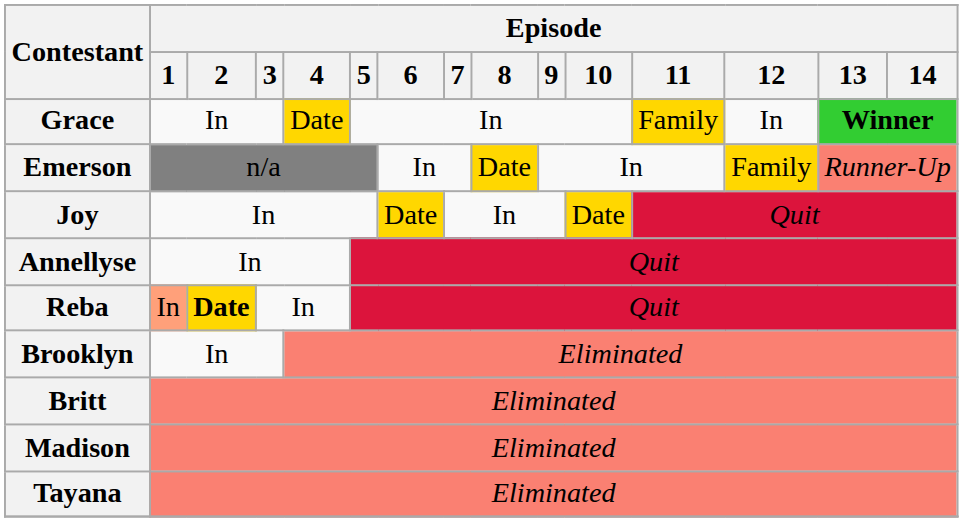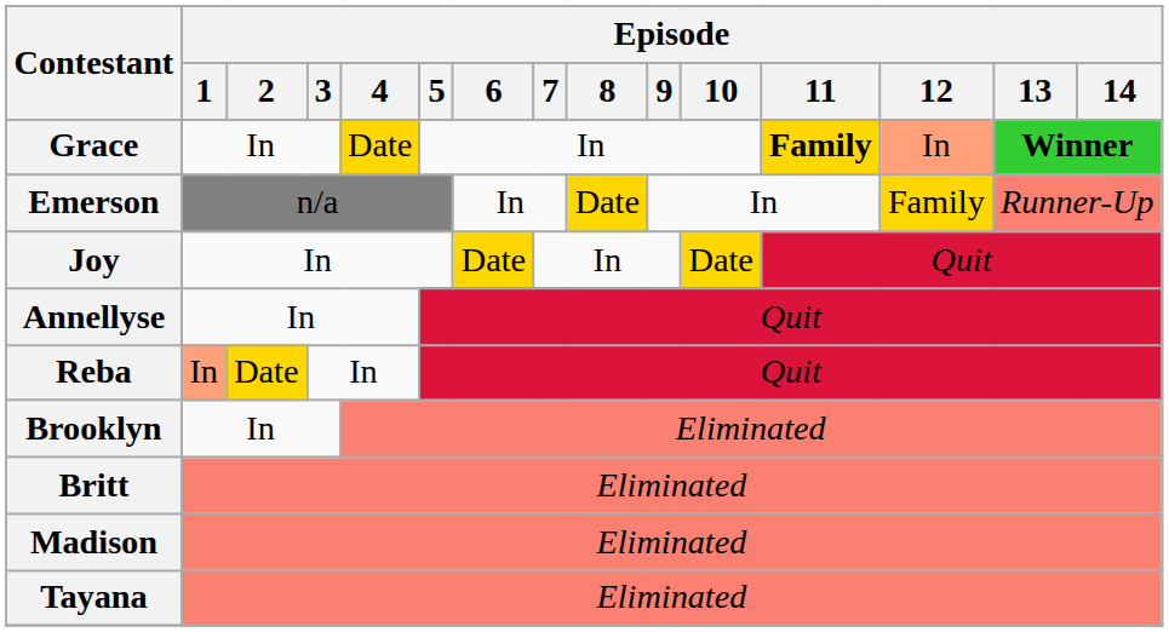 <table class="wikitable" style="text-align:center; font-size:90%;">
 <tr>
 <th rowspan="2">Contestant</th>
 <th colspan="14">Episode</th>
 </tr>
 <tr>
 <th>1</th>
 <th>2</th>
 <th>3</th>
 <th>4</th>
 <th>5</th>
 <th>6</th>
 <th>7</th>
 <th>8</th>
 <th>9</th>
 <th>10</th>
 <th>11</th>
 <th>12</th>
 <th>13</th>
 <th>14</th>
 </tr>
 <tr>
 <th>Grace</th>
 <td colspan="3">In</td>
 <td style="background:gold;">Date</td>
 <td colspan="6">In</td>
-<td style="background:gold;">Family</td>
-<td>In</td>
+<td style="background:gold;"><strong>Family</strong></td>
+<td style="background: lightsalmon;">In</td>
 <td colspan="2" bgcolor="limegreen"><strong>Winner</strong></td>
 </tr>
 <tr>
 <th>Emerson</th>
 <td style="background:gray;" colspan="5">n/a</td>
 <td colspan="2">In</td>
 <td style="background:gold;">Date</td>
 <td colspan="3">In</td>
 <td style="background:gold;">Family</td>
 <td colspan="2" bgcolor="salmon"><em>Runner-Up</em></td>
 </tr>
 <tr>
 <th>Joy</th>
 <td colspan="5">In</td>
 <td style="background:gold;">Date</td>
 <td colspan="3">In</td>
 <td style="background:gold;">Date</td>
 <td style="background:crimson;" colspan="4"><span><em>Quit</em></span></td>
 </tr>
 <tr>
 <th>Annellyse</th>
 <td colspan="4">In</td>
 <td style="background:crimson;" colspan="10"><span><em>Quit</em></span></td>
 </tr>
 <tr>
 <th>Reba</th>
 <td style="background: lightsalmon;">In</td>
-<td style="background:gold;"><strong>Date</strong></td>
+<td style="background:gold;">Date</td>
 <td colspan="2">In</td>
 <td style="background:crimson;" colspan="10"><span><em>Quit</em></span></td>
 </tr>
 <tr>
 <th>Brooklyn</th>
 <td colspan="3">In</td>
 <td style="background:salmon;" colspan="11"><em>Eliminated</em></td>
 </tr>
 <tr>
 <th>Britt</th>
 <td style="background:salmon;" colspan="14"><em>Eliminated</em></td>
 </tr>
 <tr>
 <th>Madison</th>
 <td style="background:salmon;" colspan="14"><em>Eliminated</em></td>
 </tr>
 <tr>
 <th>Tayana</th>
 <td style="background:salmon;" colspan="14"><em>Eliminated</em></td>
 </tr>
 <tr>
 </tr>
 </table>
